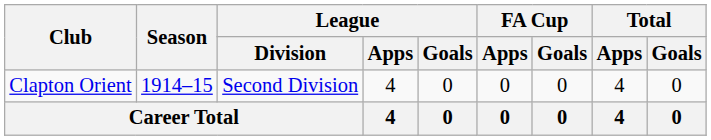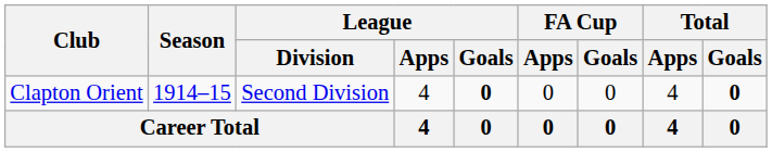 <table class="wikitable" style="text-align: center;">
 <tr>
 <th rowspan="2">Club</th>
 <th rowspan="2">Season</th>
 <th colspan="3">League</th>
 <th colspan="2">FA Cup</th>
 <th colspan="2">Total</th>
 </tr>
 <tr>
 <th>Division</th>
 <th>Apps</th>
 <th>Goals</th>
 <th>Apps</th>
 <th>Goals</th>
 <th>Apps</th>
 <th>Goals</th>
 </tr>
 <tr>
 <td><a href='#'>Clapton Orient</a></td>
 <td><a href='#'>1914–15</a></td>
 <td><a href='#'>Second Division</a></td>
 <td>4</td>
-<td>0</td>
+<td><strong>0</strong></td>
 <td>0</td>
 <td>0</td>
 <td>4</td>
-<td>0</td>
+<td><strong>0</strong></td>
 </tr>
 <tr>
 <th colspan="3">Career Total</th>
 <th>4</th>
 <th>0</th>
 <th>0</th>
 <th>0</th>
 <th>4</th>
 <th>0</th>
 </tr>
 </table>
